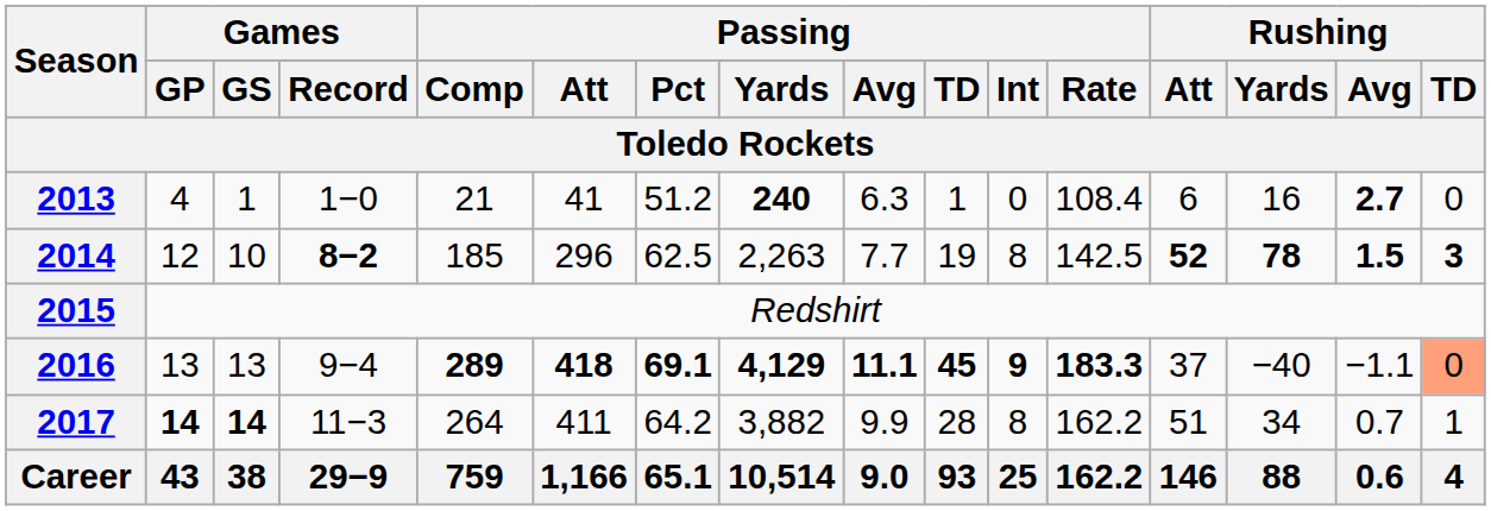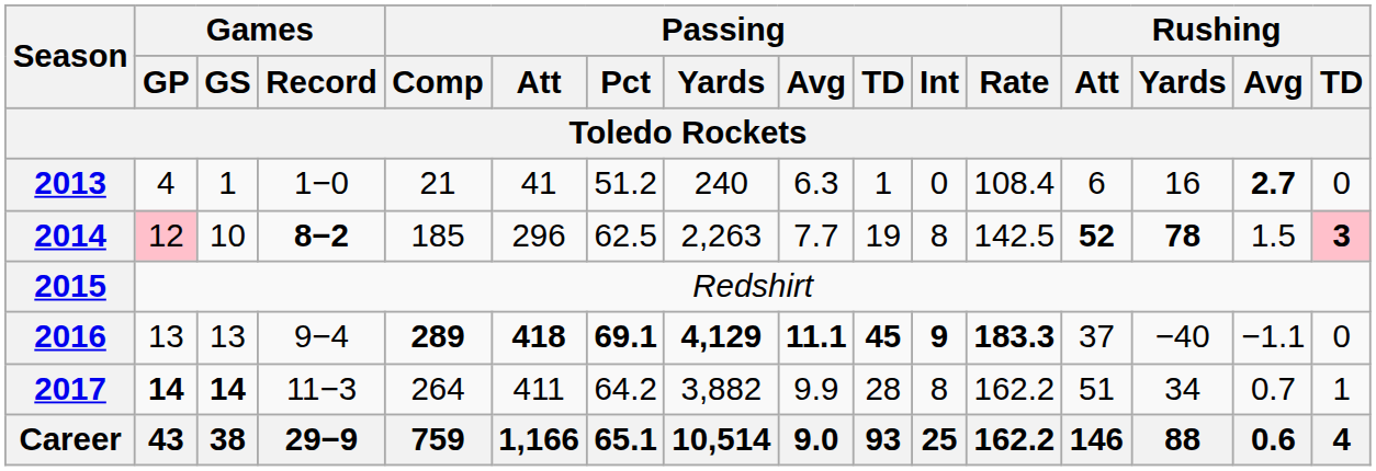 <table class=wikitable style="text-align:center;">
 <tr>
 <th rowspan="2">Season</th>
 <th colspan="3">Games</th>
 <th colspan="8">Passing</th>
 <th colspan="5">Rushing</th>
 </tr>
 <tr>
 <th>GP</th>
 <th>GS</th>
 <th>Record</th>
 <th>Comp</th>
 <th>Att</th>
 <th>Pct</th>
 <th>Yards</th>
 <th>Avg</th>
 <th>TD</th>
 <th>Int</th>
 <th>Rate</th>
 <th>Att</th>
 <th>Yards</th>
 <th>Avg</th>
 <th>TD</th>
 </tr>
 <tr>
 <th colspan="16">Toledo Rockets</th>
 </tr>
 <tr>
 <th><a href='#'>2013</a></th>
 <td>4</td>
 <td>1</td>
 <td>1−0</td>
 <td>21</td>
 <td>41</td>
 <td>51.2</td>
-<td><strong>240</strong></td>
+<td>240</td>
 <td>6.3</td>
 <td>1</td>
 <td>0</td>
 <td>108.4</td>
 <td>6</td>
 <td>16</td>
 <td><strong>2.7</strong></td>
 <td>0</td>
 </tr>
 <tr>
 <th><a href='#'>2014</a></th>
-<td>12</td>
+<td style="background: pink;">12</td>
 <td>10</td>
 <td><strong>8−2</strong></td>
 <td>185</td>
 <td>296</td>
 <td>62.5</td>
 <td>2,263</td>
 <td>7.7</td>
 <td>19</td>
 <td>8</td>
 <td>142.5</td>
 <td><strong>52</strong></td>
 <td><strong>78</strong></td>
-<td><strong>1.5</strong></td>
-<td><strong>3</strong></td>
+<td>1.5</td>
+<td style="background: pink;"><strong>3</strong></td>
 </tr>
 <tr>
 <th><a href='#'>2015</a></th>
 <td colspan="15"><em>Redshirt </em></td>
 </tr>
 <tr>
 <th><a href='#'>2016</a></th>
 <td>13</td>
 <td>13</td>
 <td>9−4</td>
 <td><strong>289</strong></td>
 <td><strong>418</strong></td>
 <td><strong>69.1</strong></td>
 <td><strong>4,129</strong></td>
 <td><strong>11.1</strong></td>
 <td><strong>45</strong></td>
 <td><strong>9</strong></td>
 <td><strong>183.3</strong></td>
 <td>37</td>
 <td>−40</td>
 <td>−1.1</td>
-<td style="background: lightsalmon;">0</td>
+<td>0</td>
 </tr>
 <tr>
 <th><a href='#'>2017</a></th>
 <td><strong>14</strong></td>
 <td><strong>14</strong></td>
 <td>11−3</td>
 <td>264</td>
 <td>411</td>
 <td>64.2</td>
 <td>3,882</td>
 <td>9.9</td>
 <td>28</td>
 <td>8</td>
 <td>162.2</td>
 <td>51</td>
 <td>34</td>
 <td>0.7</td>
 <td>1</td>
 </tr>
 <tr>
 <th>Career</th>
 <th>43</th>
 <th>38</th>
 <th>29−9</th>
 <th>759</th>
 <th>1,166</th>
 <th>65.1</th>
 <th>10,514</th>
 <th>9.0</th>
 <th>93</th>
 <th>25</th>
 <th>162.2</th>
 <th>146</th>
 <th>88</th>
 <th>0.6</th>
 <th>4</th>
 </tr>
 </table>
